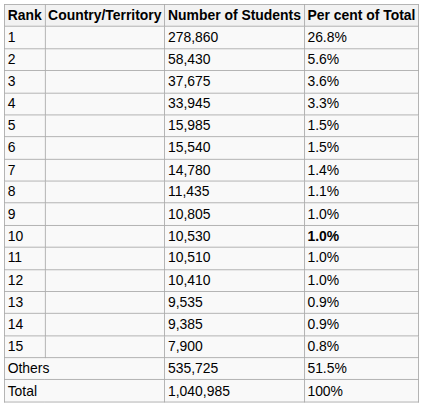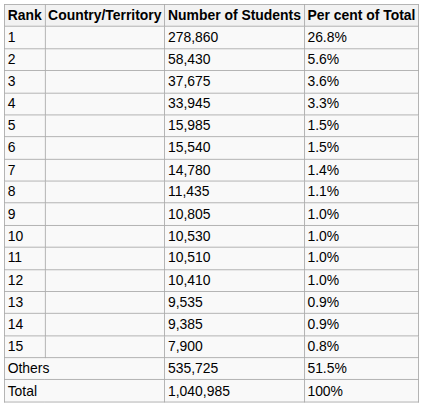 <table class="wikitable sortable">
 <tr>
 <th>Rank</th>
 <th>Country/Territory</th>
 <th>Number of Students</th>
 <th>Per cent of Total</th>
 </tr>
 <tr>
 <td>1</td>
 <td></td>
 <td>278,860</td>
 <td>26.8%</td>
 </tr>
 <tr>
 <td>2</td>
 <td></td>
 <td>58,430</td>
 <td>5.6%</td>
 </tr>
 <tr>
 <td>3</td>
 <td></td>
 <td>37,675</td>
 <td>3.6%</td>
 </tr>
 <tr>
 <td>4</td>
 <td></td>
 <td>33,945</td>
 <td>3.3%</td>
 </tr>
 <tr>
 <td>5</td>
 <td></td>
 <td>15,985</td>
 <td>1.5%</td>
 </tr>
 <tr>
 <td>6</td>
 <td></td>
 <td>15,540</td>
 <td>1.5%</td>
 </tr>
 <tr>
 <td>7</td>
 <td></td>
 <td>14,780</td>
 <td>1.4%</td>
 </tr>
 <tr>
 <td>8</td>
 <td></td>
 <td>11,435</td>
 <td>1.1%</td>
 </tr>
 <tr>
 <td>9</td>
 <td></td>
 <td>10,805</td>
 <td>1.0%</td>
 </tr>
 <tr>
 <td>10</td>
 <td></td>
 <td>10,530</td>
-<td><strong>1.0%</strong></td>
+<td>1.0%</td>
 </tr>
 <tr>
 <td>11</td>
 <td></td>
 <td>10,510</td>
 <td>1.0%</td>
 </tr>
 <tr>
 <td>12</td>
 <td></td>
 <td>10,410</td>
 <td>1.0%</td>
 </tr>
 <tr>
 <td>13</td>
 <td></td>
 <td>9,535</td>
 <td>0.9%</td>
 </tr>
 <tr>
 <td>14</td>
 <td></td>
 <td>9,385</td>
 <td>0.9%</td>
 </tr>
 <tr>
 <td>15</td>
 <td></td>
 <td>7,900</td>
 <td>0.8%</td>
 </tr>
 <tr>
 <td colspan="2">Others</td>
 <td>535,725</td>
 <td>51.5%</td>
 </tr>
 <tr>
 <td colspan="2">Total</td>
 <td>1,040,985</td>
 <td>100%</td>
 </tr>
 </table>
